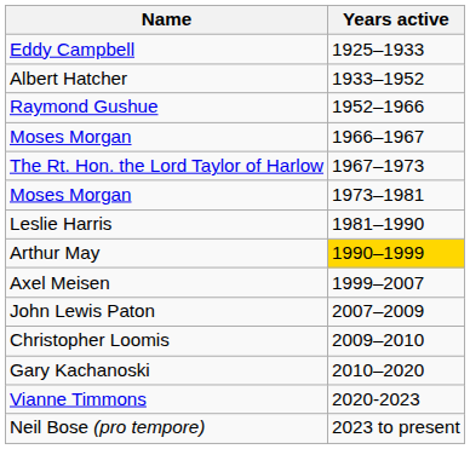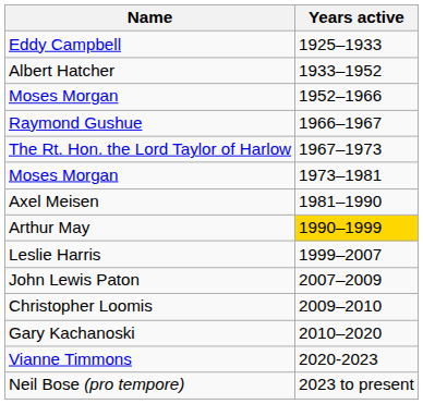 <table class="wikitable">
 <tr>
 <th>Name</th>
 <th>Years active</th>
 </tr>
 <tr>
 <td><a href='#'>Eddy Campbell</a></td>
 <td>1925–1933</td>
 </tr>
 <tr>
 <td>Albert Hatcher</td>
 <td>1933–1952</td>
 </tr>
 <tr>
-<td><a href='#'>Raymond Gushue</a></td>
+<td><a href='#'>Moses Morgan</a></td>
 <td>1952–1966</td>
 </tr>
 <tr>
-<td><a href='#'>Moses Morgan</a></td>
+<td><a href='#'>Raymond Gushue</a></td>
 <td>1966–1967</td>
 </tr>
 <tr>
 <td><a href='#'>The Rt. Hon. the Lord Taylor of Harlow</a></td>
 <td>1967–1973</td>
 </tr>
 <tr>
 <td><a href='#'>Moses Morgan</a></td>
 <td>1973–1981</td>
 </tr>
 <tr>
-<td>Leslie Harris</td>
+<td>Axel Meisen</td>
 <td>1981–1990</td>
 </tr>
 <tr>
 <td>Arthur May</td>
 <td style="background: gold;">1990–1999</td>
 </tr>
 <tr>
-<td>Axel Meisen</td>
+<td>Leslie Harris</td>
 <td>1999–2007</td>
 </tr>
 <tr>
 <td>John Lewis Paton</td>
 <td>2007–2009</td>
 </tr>
 <tr>
 <td>Christopher Loomis</td>
 <td>2009–2010</td>
 </tr>
 <tr>
 <td>Gary Kachanoski</td>
 <td>2010–2020</td>
 </tr>
 <tr>
 <td><a href='#'>Vianne Timmons</a></td>
 <td>2020-2023</td>
 </tr>
 <tr>
 <td>Neil Bose <em>(pro tempore)</em></td>
 <td>2023 to present</td>
 </tr>
 </table>
